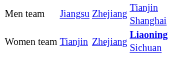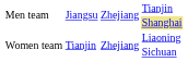 <table>
 <tr>
 <td rowspan=2>Men team</td>
 <td rowspan=2><a href='#'>Jiangsu</a></td>
 <td rowspan=2><a href='#'>Zhejiang</a></td>
 <td><a href='#'>Tianjin</a></td>
 </tr>
 <tr>
-<td><a href='#'>Shanghai</a></td>
+<td style="background: khaki;"><a href='#'>Shanghai</a></td>
 </tr>
 <tr>
 <td rowspan=2>Women team</td>
 <td rowspan=2><a href='#'>Tianjin</a></td>
 <td rowspan=2><a href='#'>Zhejiang</a></td>
-<td><strong><a href='#'>Liaoning</a></strong></td>
+<td><a href='#'>Liaoning</a></td>
 </tr>
 <tr>
 <td><a href='#'>Sichuan</a></td>
 </tr>
 </table>
